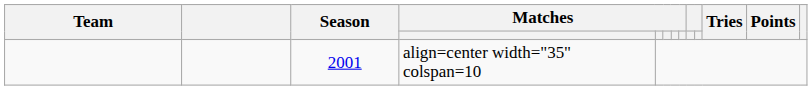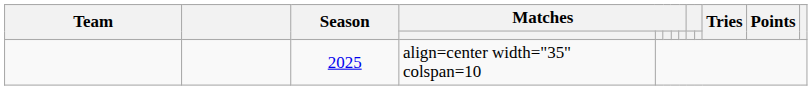 <table class="wikitable" style="width:60%;">
 <tr>
 <th rowspan=2 width="160">Team</th>
 <th rowspan=2 width="95"></th>
 <th rowspan=2 width="95">Season</th>
 <th colspan=5>Matches</th>
 <th colspan=2></th>
 <th rowspan=2>Tries</th>
 <th rowspan=2>Points</th>
 <th rowspan=2></th>
 </tr>
 <tr>
 <th></th>
 <th></th>
 <th></th>
 <th></th>
 <th></th>
 <th></th>
 <th></th>
 </tr>
 <tr>
 <td align=center></td>
 <td align=center></td>
-<td align=center><a href='#'>2001</a></td>
+<td align=center><a href='#'>2025</a></td>
 <td>align=center width="35" colspan=10 </td>
 </tr>
 </table>
